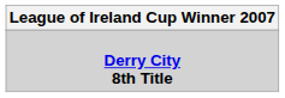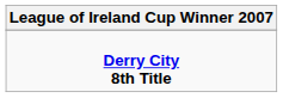 <table class="wikitable" style="text-align: center; margin: 0 auto;">
 <tr>
 <th>League of Ireland Cup Winner 2007</th>
 </tr>
 <tr>
 </tr>
 <tr>
-<td style="background: lightgrey;"><br><strong><a href='#'>Derry City</a></strong><br><strong>8th Title</strong></td>
+<td><br><strong><a href='#'>Derry City</a></strong><br><strong>8th Title</strong></td>
 </tr>
 </table>
